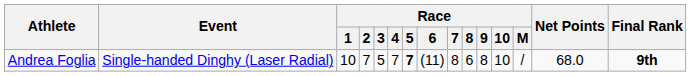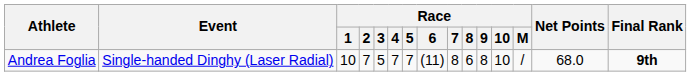 <table class="wikitable" border="1" style="font-size:90%">
 <tr>
 <th rowspan=2>Athlete</th>
 <th rowspan=2>Event</th>
 <th colspan=11>Race</th>
 <th rowspan=2>Net Points</th>
 <th rowspan=2>Final Rank</th>
 </tr>
 <tr>
 <th>1</th>
 <th>2</th>
 <th>3</th>
 <th>4</th>
 <th>5</th>
 <th>6</th>
 <th>7</th>
 <th>8</th>
 <th>9</th>
 <th>10</th>
 <th>M</th>
 </tr>
 <tr align=center>
 <td align=left><a href='#'>Andrea Foglia</a></td>
 <td align=left><a href='#'>Single-handed Dinghy (Laser Radial)</a></td>
 <td>10</td>
 <td>7</td>
 <td>5</td>
 <td>7</td>
-<td><strong>7</strong></td>
+<td>7</td>
 <td>(11)</td>
 <td>8</td>
 <td>6</td>
 <td>8</td>
 <td>10</td>
 <td>/</td>
 <td>68.0</td>
 <td><strong>9th</strong></td>
 </tr>
 </table>
